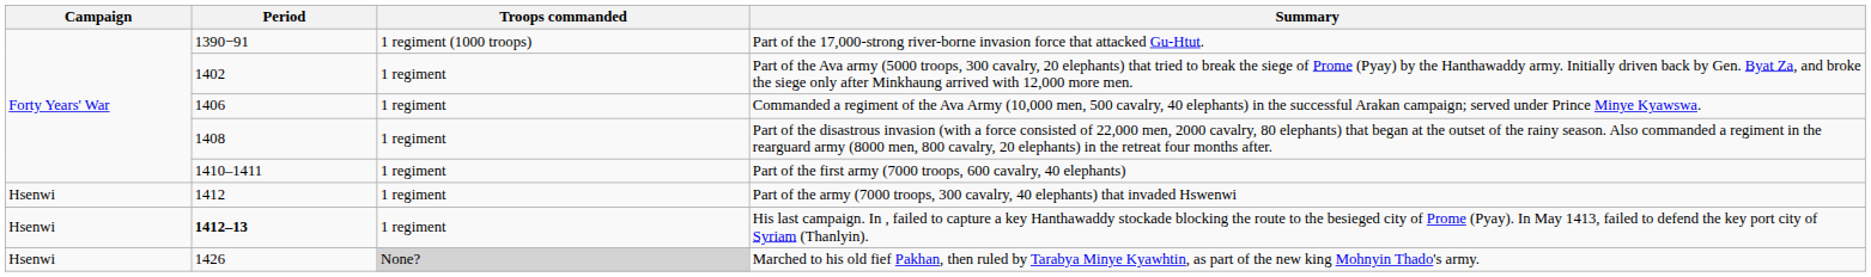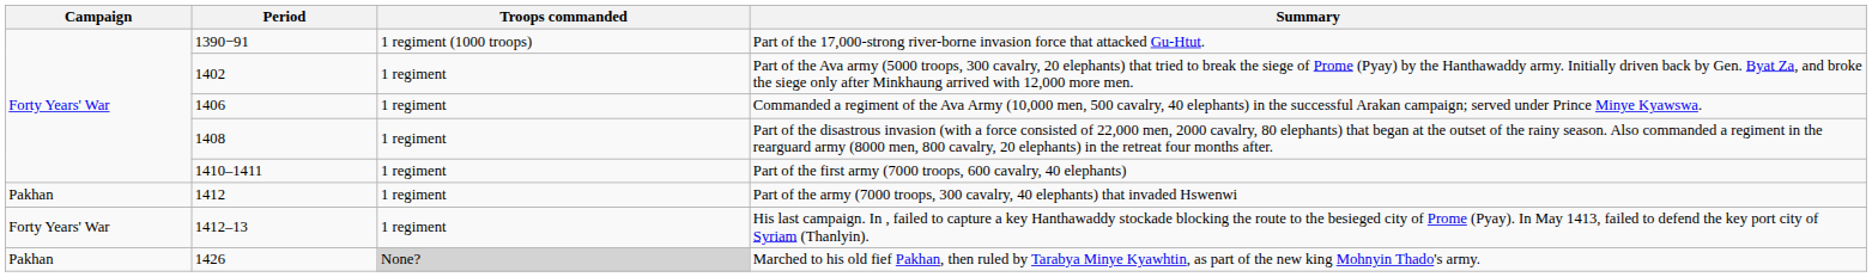 <table class="wikitable" border="1">
 <tr>
 <th width=5%>Campaign</th>
 <th width=5%>Period</th>
 <th width=10%>Troops commanded</th>
 <th width=30%>Summary</th>
 </tr>
 <tr>
 <td rowspan="5"><a href='#'>Forty Years' War</a></td>
 <td>1390−91</td>
 <td>1 regiment  (1000 troops)</td>
 <td>Part of the 17,000-strong river-borne invasion force that attacked <a href='#'>Gu-Htut</a>.</td>
 </tr>
 <tr>
 <td>1402</td>
 <td>1 regiment</td>
 <td>Part of the Ava army (5000 troops, 300 cavalry, 20 elephants) that tried to break the siege of <a href='#'>Prome</a> (Pyay) by the Hanthawaddy army. Initially driven back by Gen. <a href='#'>Byat Za</a>, and broke the siege only after Minkhaung arrived with 12,000 more men.</td>
 </tr>
 <tr>
 <td>1406</td>
 <td>1 regiment</td>
 <td>Commanded a regiment of the Ava Army (10,000 men, 500 cavalry, 40 elephants) in the successful Arakan campaign; served under Prince <a href='#'>Minye Kyawswa</a>.</td>
 </tr>
 <tr>
 <td>1408</td>
 <td>1 regiment</td>
 <td>Part of the disastrous invasion (with a force consisted of 22,000 men, 2000 cavalry, 80 elephants) that began at the outset of the rainy season. Also commanded a regiment in the rearguard army (8000 men, 800 cavalry, 20 elephants) in the retreat four months after.</td>
 </tr>
 <tr>
 <td>1410–1411</td>
 <td>1 regiment</td>
 <td>Part of the first army (7000 troops, 600 cavalry, 40 elephants)</td>
 </tr>
 <tr>
-<td>Hsenwi</td>
+<td>Pakhan</td>
 <td>1412</td>
 <td>1 regiment</td>
 <td>Part of the army (7000 troops, 300 cavalry, 40 elephants) that invaded Hswenwi</td>
 </tr>
 <tr>
-<td>Hsenwi</td>
-<td><strong>1412–13</strong></td>
+<td>Forty Years' War</td>
+<td>1412–13</td>
 <td>1 regiment</td>
 <td>His last campaign. In , failed to capture a key Hanthawaddy stockade blocking the route to the besieged city of <a href='#'>Prome</a> (Pyay). In May 1413, failed to defend the key port city of <a href='#'>Syriam</a> (Thanlyin).</td>
 </tr>
 <tr>
-<td>Hsenwi</td>
+<td>Pakhan</td>
 <td>1426</td>
 <td style="background: lightgrey;">None?</td>
 <td>Marched to his old fief <a href='#'>Pakhan</a>, then ruled by <a href='#'>Tarabya Minye Kyawhtin</a>, as part of the new king <a href='#'>Mohnyin Thado</a>'s army.</td>
 </tr>
 </table>
